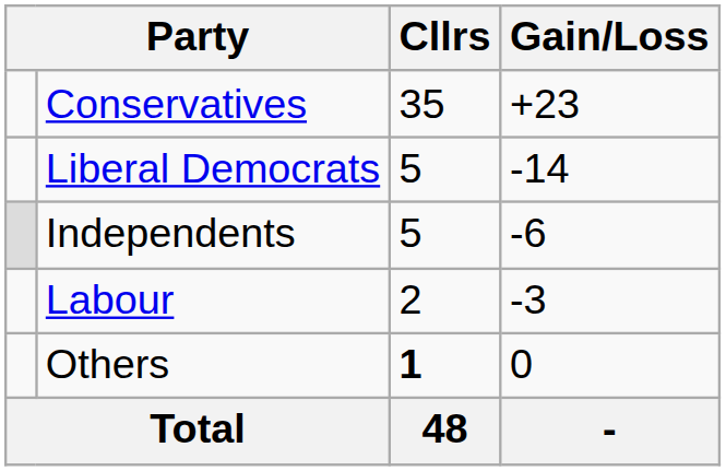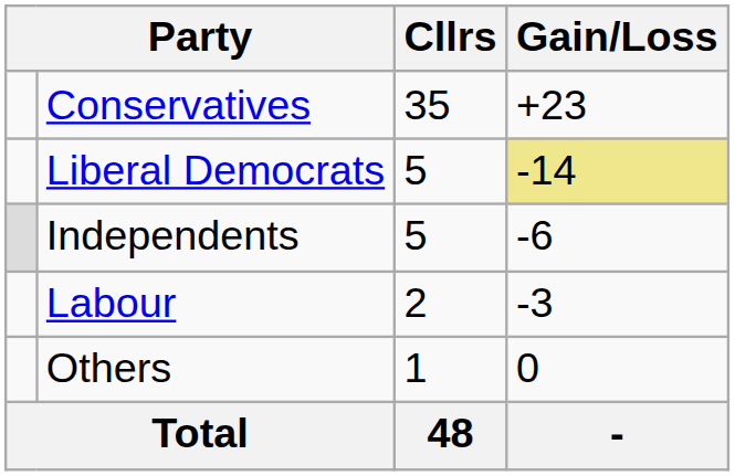 <table class="wikitable">
 <tr>
 <th colspan="2">Party</th>
 <th>Cllrs</th>
 <th>Gain/Loss</th>
 </tr>
 <tr>
 <td></td>
 <td><a href='#'>Conservatives</a></td>
 <td>35</td>
 <td>+23</td>
 </tr>
 <tr>
 <td></td>
 <td><a href='#'>Liberal Democrats</a></td>
 <td>5</td>
-<td>-14</td>
+<td style="background: khaki;">-14</td>
 </tr>
 <tr>
 <td bgcolor="gainsboro"> </td>
 <td>Independents</td>
 <td>5</td>
 <td>-6</td>
 </tr>
 <tr>
 <td></td>
 <td><a href='#'>Labour</a></td>
 <td>2</td>
 <td>-3</td>
 </tr>
 <tr>
 <td> </td>
 <td>Others</td>
-<td><strong>1</strong></td>
+<td>1</td>
 <td>0</td>
 </tr>
 <tr>
 <th colspan="2">Total</th>
 <th>48</th>
 <th>-</th>
 </tr>
 </table>
